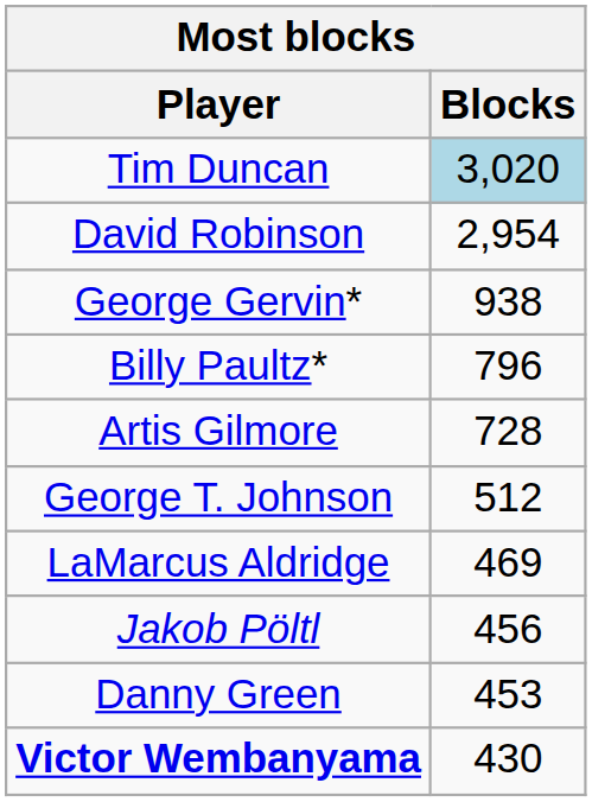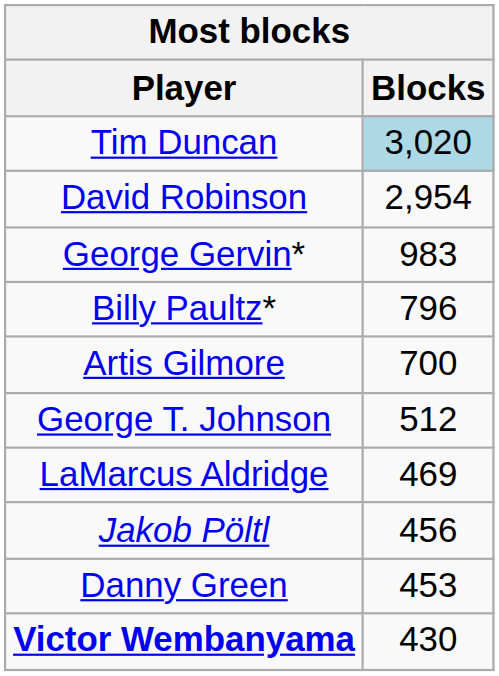 <table class="wikitable sortable" style="text-align:center">
 <tr>
 <th colspan="2">Most blocks</th>
 </tr>
 <tr>
 <th>Player</th>
 <th>Blocks</th>
 </tr>
 <tr>
 <td><a href='#'>Tim Duncan</a></td>
 <td style="background: lightblue;">3,020</td>
 </tr>
 <tr>
 <td><a href='#'>David Robinson</a></td>
 <td>2,954</td>
 </tr>
 <tr>
 <td><a href='#'>George Gervin</a>*</td>
-<td>938</td>
+<td>983</td>
 </tr>
 <tr>
 <td><a href='#'>Billy Paultz</a>*</td>
 <td>796</td>
 </tr>
 <tr>
 <td><a href='#'>Artis Gilmore</a></td>
-<td>728</td>
+<td>700</td>
 </tr>
 <tr>
 <td><a href='#'>George T. Johnson</a></td>
 <td>512</td>
 </tr>
 <tr>
 <td><a href='#'>LaMarcus Aldridge</a></td>
 <td>469</td>
 </tr>
 <tr>
 <td><em><a href='#'>Jakob Pöltl</a></em></td>
 <td>456</td>
 </tr>
 <tr>
 <td><a href='#'>Danny Green</a></td>
 <td>453</td>
 </tr>
 <tr>
 <td><strong><a href='#'>Victor Wembanyama</a></strong></td>
 <td>430</td>
 </tr>
 </table>
